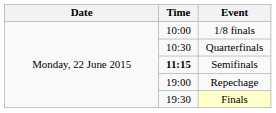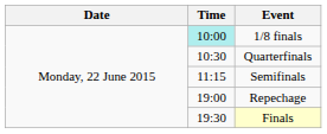 <table class = "wikitable" style="text-align:center;">
 <tr>
 <th width=220>Date</th>
 <th width=50>Time</th>
 <th width=100>Event</th>
 </tr>
 <tr>
 <td rowspan=5>Monday, 22 June 2015</td>
-<td>10:00</td>
+<td style="background: paleturquoise;">10:00</td>
 <td>1/8 finals</td>
 </tr>
 <tr>
 <td>10:30</td>
 <td>Quarterfinals</td>
 </tr>
 <tr>
-<td><strong>11:15</strong></td>
+<td>11:15</td>
 <td>Semifinals</td>
 </tr>
 <tr>
 <td>19:00</td>
 <td>Repechage</td>
 </tr>
 <tr>
 <td>19:30</td>
 <td bgcolor=ffffcc>Finals</td>
 </tr>
 </table>
